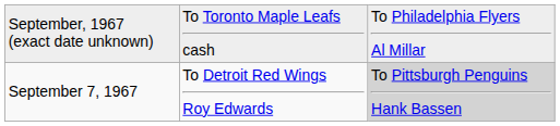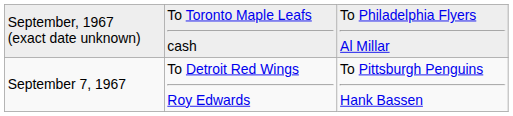 <table class="wikitable" style="border:1px solid #999; width:580px;">
 <tr style="background:#eee;">
 <td>September, 1967<br>(exact date unknown)</td>
 <td valign="top">To <a href='#'>Toronto Maple Leafs</a><hr>cash</td>
 <td valign="top">To <a href='#'>Philadelphia Flyers</a><hr><a href='#'>Al Millar</a></td>
 </tr>
 <tr>
 <td>September 7, 1967</td>
 <td valign="top">To <a href='#'>Detroit Red Wings</a><hr><a href='#'>Roy Edwards</a></td>
-<td valign="top" style="background: lightgrey;">To <a href='#'>Pittsburgh Penguins</a><hr><a href='#'>Hank Bassen</a></td>
+<td valign="top">To <a href='#'>Pittsburgh Penguins</a><hr><a href='#'>Hank Bassen</a></td>
 </tr>
 </table>
